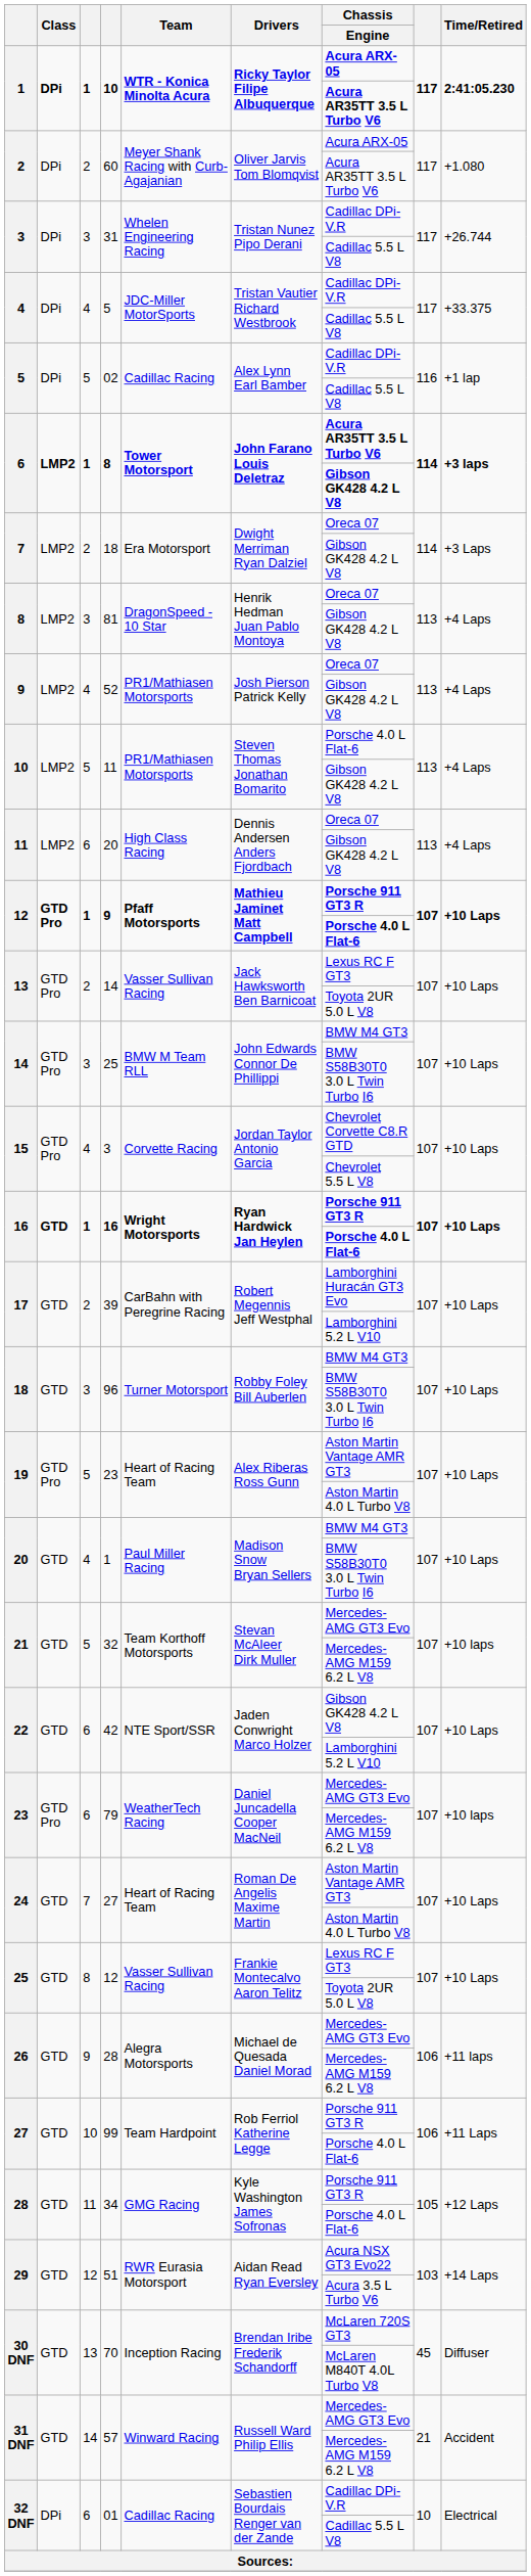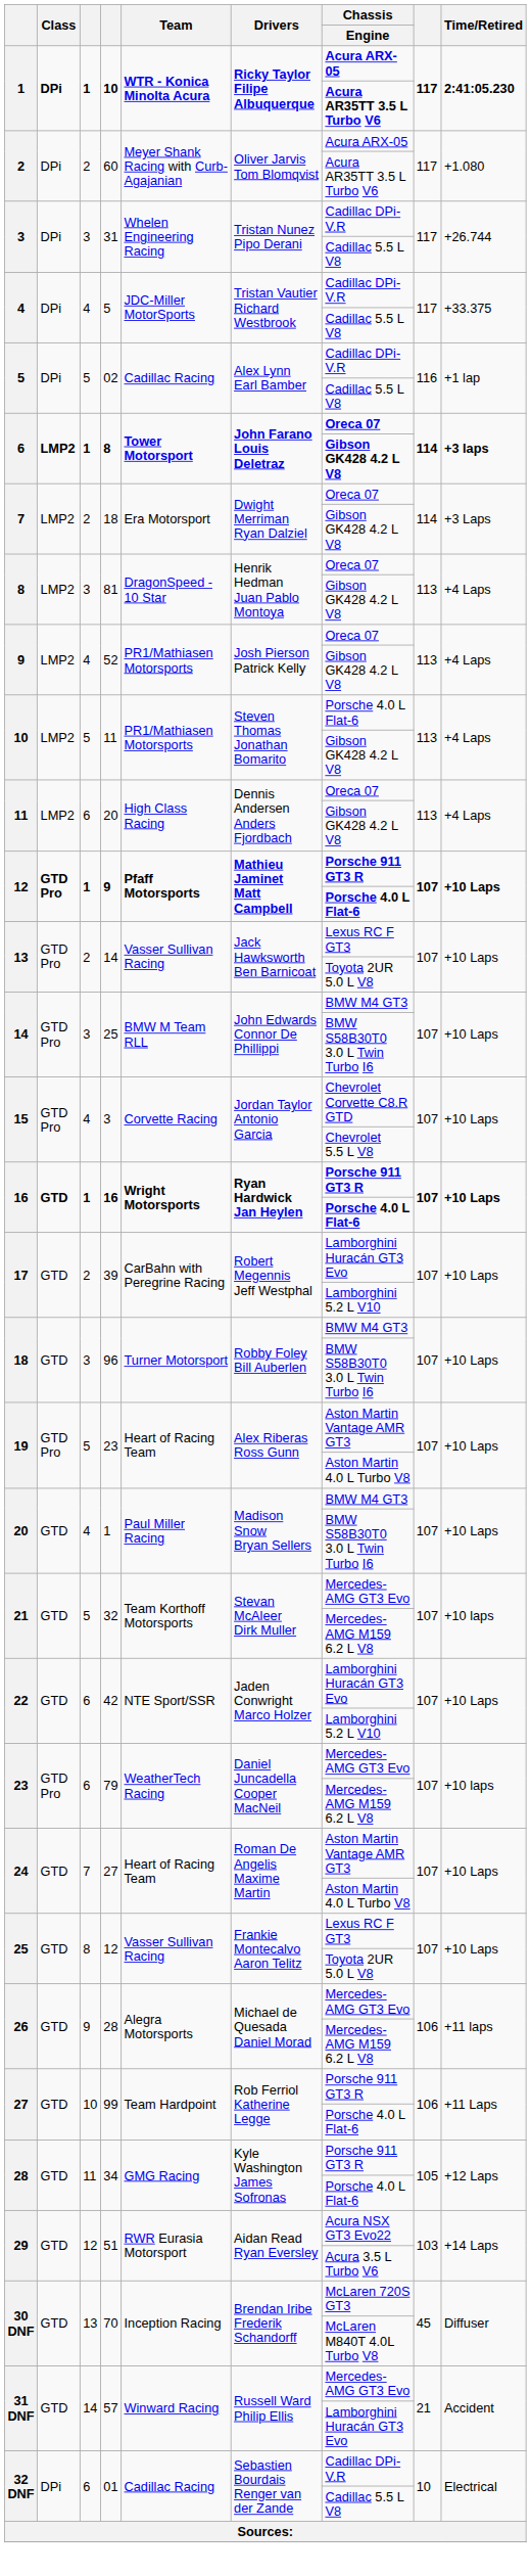 <table class="wikitable" style="font-size: 95%;">
 <tr>
 <th rowspan=2></th>
 <th rowspan=2>Class</th>
 <th rowspan=2></th>
 <th rowspan=2></th>
 <th rowspan=2>Team</th>
 <th rowspan=2>Drivers</th>
 <th>Chassis</th>
 <th rowspan=2></th>
 <th rowspan=2>Time/Retired</th>
 </tr>
 <tr>
 <th>Engine</th>
 </tr>
 <tr style="font-weight:bold">
 <th rowspan=2>1</th>
 <td rowspan=2>DPi</td>
 <td rowspan=2>1</td>
 <td rowspan=2>10</td>
 <td rowspan=2> <a href='#'>WTR - Konica Minolta Acura</a></td>
 <td rowspan=2> <a href='#'>Ricky Taylor</a><br> <a href='#'>Filipe Albuquerque</a></td>
 <td><a href='#'>Acura ARX-05</a></td>
 <td rowspan=2>117</td>
 <td rowspan=2>2:41:05.230 </td>
 </tr>
 <tr style="font-weight:bold">
 <td><a href='#'>Acura</a> AR35TT 3.5 L <a href='#'>Turbo</a> <a href='#'>V6</a></td>
 </tr>
 <tr>
 <th rowspan=2>2</th>
 <td rowspan=2>DPi</td>
 <td rowspan=2>2</td>
 <td rowspan=2>60</td>
 <td rowspan=2> <a href='#'>Meyer Shank Racing</a> with <a href='#'>Curb-Agajanian</a></td>
 <td rowspan=2> <a href='#'>Oliver Jarvis</a><br> <a href='#'>Tom Blomqvist</a></td>
 <td><a href='#'>Acura ARX-05</a></td>
 <td rowspan=2>117</td>
 <td rowspan=2>+1.080</td>
 </tr>
 <tr>
 <td><a href='#'>Acura</a> AR35TT 3.5 L <a href='#'>Turbo</a> <a href='#'>V6</a></td>
 </tr>
 <tr>
 <th rowspan=2>3</th>
 <td rowspan=2>DPi</td>
 <td rowspan=2>3</td>
 <td rowspan=2>31</td>
 <td rowspan=2> <a href='#'>Whelen Engineering Racing</a></td>
 <td rowspan=2> <a href='#'>Tristan Nunez</a><br> <a href='#'>Pipo Derani</a></td>
 <td><a href='#'>Cadillac DPi-V.R</a></td>
 <td rowspan=2>117</td>
 <td rowspan=2>+26.744</td>
 </tr>
 <tr>
 <td><a href='#'>Cadillac</a> 5.5 L <a href='#'>V8</a></td>
 </tr>
 <tr>
 <th rowspan=2>4</th>
 <td rowspan=2>DPi</td>
 <td rowspan=2>4</td>
 <td rowspan=2>5</td>
 <td rowspan=2> <a href='#'>JDC-Miller MotorSports</a></td>
 <td rowspan=2> <a href='#'>Tristan Vautier</a><br> <a href='#'>Richard Westbrook</a></td>
 <td><a href='#'>Cadillac DPi-V.R</a></td>
 <td rowspan=2>117</td>
 <td rowspan=2>+33.375</td>
 </tr>
 <tr>
 <td><a href='#'>Cadillac</a> 5.5 L <a href='#'>V8</a></td>
 </tr>
 <tr>
 <th rowspan=2>5</th>
 <td rowspan=2>DPi</td>
 <td rowspan=2>5</td>
 <td rowspan=2>02</td>
 <td rowspan=2> <a href='#'>Cadillac Racing</a></td>
 <td rowspan=2> <a href='#'>Alex Lynn</a><br> <a href='#'>Earl Bamber</a></td>
 <td><a href='#'>Cadillac DPi-V.R</a></td>
 <td rowspan=2>116</td>
 <td rowspan=2>+1 lap</td>
 </tr>
 <tr>
 <td><a href='#'>Cadillac</a> 5.5 L <a href='#'>V8</a></td>
 </tr>
 <tr style="font-weight:bold">
 <th rowspan=2>6</th>
 <td rowspan=2>LMP2</td>
 <td rowspan=2>1</td>
 <td rowspan=2>8</td>
 <td rowspan=2> <a href='#'>Tower Motorsport</a></td>
 <td rowspan=2> <a href='#'>John Farano</a><br> <a href='#'>Louis Deletraz</a></td>
-<td><a href='#'>Acura</a> AR35TT 3.5 L <a href='#'>Turbo</a> <a href='#'>V6</a></td>
+<td><a href='#'>Oreca 07</a></td>
 <td rowspan=2>114</td>
 <td rowspan=2>+3 laps</td>
 </tr>
 <tr style="font-weight:bold">
 <td><a href='#'>Gibson</a> GK428 4.2 L <a href='#'>V8</a></td>
 </tr>
 <tr>
 <th rowspan=2>7</th>
 <td rowspan=2>LMP2</td>
 <td rowspan=2>2</td>
 <td rowspan=2>18</td>
 <td rowspan=2> Era Motorsport</td>
 <td rowspan=2> <a href='#'>Dwight Merriman</a><br> <a href='#'>Ryan Dalziel</a></td>
 <td><a href='#'>Oreca 07</a></td>
 <td rowspan=2>114</td>
 <td rowspan=2>+3 Laps</td>
 </tr>
 <tr>
 <td><a href='#'>Gibson</a> GK428 4.2 L <a href='#'>V8</a></td>
 </tr>
 <tr>
 <th rowspan=2>8</th>
 <td rowspan=2>LMP2</td>
 <td rowspan=2>3</td>
 <td rowspan=2>81</td>
 <td rowspan=2> <a href='#'>DragonSpeed - 10 Star</a></td>
 <td rowspan=2> Henrik Hedman<br>  <a href='#'>Juan Pablo Montoya</a></td>
 <td><a href='#'>Oreca 07</a></td>
 <td rowspan=2>113</td>
 <td rowspan=2>+4 Laps</td>
 </tr>
 <tr>
 <td><a href='#'>Gibson</a> GK428 4.2 L <a href='#'>V8</a></td>
 </tr>
 <tr>
 <th rowspan=2>9</th>
 <td rowspan=2>LMP2</td>
 <td rowspan=2>4</td>
 <td rowspan=2>52</td>
 <td rowspan=2> <a href='#'>PR1/Mathiasen Motorsports</a></td>
 <td rowspan=2> <a href='#'>Josh Pierson</a><br> Patrick Kelly</td>
 <td><a href='#'>Oreca 07</a></td>
 <td rowspan=2>113</td>
 <td rowspan=2>+4 Laps</td>
 </tr>
 <tr>
 <td><a href='#'>Gibson</a> GK428 4.2 L <a href='#'>V8</a></td>
 </tr>
 <tr>
 <th rowspan=2>10</th>
 <td rowspan=2>LMP2</td>
 <td rowspan=2>5</td>
 <td rowspan=2>11</td>
 <td rowspan=2> <a href='#'>PR1/Mathiasen Motorsports</a></td>
 <td rowspan=2> <a href='#'>Steven Thomas</a><br> <a href='#'>Jonathan Bomarito</a></td>
 <td><a href='#'>Porsche</a> 4.0 L <a href='#'>Flat-6</a></td>
 <td rowspan=2>113</td>
 <td rowspan=2>+4 Laps</td>
 </tr>
 <tr>
 <td><a href='#'>Gibson</a> GK428 4.2 L <a href='#'>V8</a></td>
 </tr>
 <tr>
 <th rowspan=2>11</th>
 <td rowspan=2>LMP2</td>
 <td rowspan=2>6</td>
 <td rowspan=2>20</td>
 <td rowspan=2> <a href='#'>High Class Racing</a></td>
 <td rowspan=2> Dennis Andersen<br> <a href='#'>Anders Fjordbach</a></td>
 <td><a href='#'>Oreca 07</a></td>
 <td rowspan=2>113</td>
 <td rowspan=2>+4 Laps</td>
 </tr>
 <tr>
 <td><a href='#'>Gibson</a> GK428 4.2 L <a href='#'>V8</a></td>
 </tr>
 <tr style="font-weight:bold">
 <th rowspan=2>12</th>
 <td rowspan=2>GTD Pro</td>
 <td rowspan=2>1</td>
 <td rowspan=2>9</td>
 <td rowspan=2> Pfaff Motorsports</td>
 <td rowspan=2> <a href='#'>Mathieu Jaminet</a><br> <a href='#'>Matt Campbell</a></td>
 <td><a href='#'>Porsche 911 GT3 R</a></td>
 <td rowspan=2>107</td>
 <td rowspan=2>+10 Laps</td>
 </tr>
 <tr style="font-weight:bold">
 <td><a href='#'>Porsche</a> 4.0 L <a href='#'>Flat-6</a></td>
 </tr>
 <tr>
 <th rowspan=2>13</th>
 <td rowspan=2>GTD Pro</td>
 <td rowspan=2>2</td>
 <td rowspan=2>14</td>
 <td rowspan=2> <a href='#'>Vasser Sullivan Racing</a></td>
 <td rowspan=2> <a href='#'>Jack Hawksworth</a><br> <a href='#'>Ben Barnicoat</a></td>
 <td><a href='#'>Lexus RC F GT3</a></td>
 <td rowspan=2>107</td>
 <td rowspan=2>+10 Laps</td>
 </tr>
 <tr>
 <td><a href='#'>Toyota</a> 2UR 5.0 L <a href='#'>V8</a></td>
 </tr>
 <tr>
 <th rowspan=2>14</th>
 <td rowspan=2>GTD Pro</td>
 <td rowspan=2>3</td>
 <td rowspan=2>25</td>
 <td rowspan=2> <a href='#'>BMW M Team RLL</a></td>
 <td rowspan=2> <a href='#'>John Edwards</a><br> <a href='#'>Connor De Phillippi</a></td>
 <td><a href='#'>BMW M4 GT3</a></td>
 <td rowspan=2>107</td>
 <td rowspan=2>+10 Laps</td>
 </tr>
 <tr>
 <td><a href='#'>BMW</a> <a href='#'>S58B30T0</a> 3.0 L <a href='#'>Twin Turbo</a> <a href='#'>I6</a></td>
 </tr>
 <tr>
 <th rowspan=2>15</th>
 <td rowspan=2>GTD Pro</td>
 <td rowspan=2>4</td>
 <td rowspan=2>3</td>
 <td rowspan=2> <a href='#'>Corvette Racing</a></td>
 <td rowspan=2> <a href='#'>Jordan Taylor</a><br> <a href='#'>Antonio Garcia</a></td>
 <td><a href='#'>Chevrolet Corvette C8.R GTD</a></td>
 <td rowspan=2>107</td>
 <td rowspan=2>+10 Laps</td>
 </tr>
 <tr>
 <td><a href='#'>Chevrolet</a> 5.5 L <a href='#'>V8</a></td>
 </tr>
 <tr style="font-weight:bold">
 <th rowspan=2>16</th>
 <td rowspan=2>GTD</td>
 <td rowspan=2>1</td>
 <td rowspan=2>16</td>
 <td rowspan=2> Wright Motorsports</td>
 <td rowspan=2> Ryan Hardwick<br> <a href='#'>Jan Heylen</a></td>
 <td><a href='#'>Porsche 911 GT3 R</a></td>
 <td rowspan=2>107</td>
 <td rowspan=2>+10 Laps</td>
 </tr>
 <tr style="font-weight:bold">
 <td><a href='#'>Porsche</a> 4.0 L <a href='#'>Flat-6</a></td>
 </tr>
 <tr>
 <th rowspan=2>17</th>
 <td rowspan=2>GTD</td>
 <td rowspan=2>2</td>
 <td rowspan=2>39</td>
 <td rowspan=2> CarBahn with Peregrine Racing</td>
 <td rowspan=2> <a href='#'>Robert Megennis</a><br> Jeff Westphal</td>
 <td><a href='#'>Lamborghini Huracán GT3 Evo</a></td>
 <td rowspan=2>107</td>
 <td rowspan=2>+10 Laps</td>
 </tr>
 <tr>
 <td><a href='#'>Lamborghini</a> 5.2 L <a href='#'>V10</a></td>
 </tr>
 <tr>
 <th rowspan=2>18</th>
 <td rowspan=2>GTD</td>
 <td rowspan=2>3</td>
 <td rowspan=2>96</td>
 <td rowspan=2> <a href='#'>Turner Motorsport</a></td>
 <td rowspan=2> <a href='#'>Robby Foley</a><br> <a href='#'>Bill Auberlen</a></td>
 <td><a href='#'>BMW M4 GT3</a></td>
 <td rowspan=2>107</td>
 <td rowspan=2>+10 Laps</td>
 </tr>
 <tr>
 <td><a href='#'>BMW</a> <a href='#'>S58B30T0</a> 3.0 L <a href='#'>Twin Turbo</a> <a href='#'>I6</a></td>
 </tr>
 <tr>
 <th rowspan=2>19</th>
 <td rowspan=2>GTD Pro</td>
 <td rowspan=2>5</td>
 <td rowspan=2>23</td>
 <td rowspan=2> Heart of Racing Team</td>
 <td rowspan=2> <a href='#'>Alex Riberas</a><br> <a href='#'>Ross Gunn</a></td>
 <td><a href='#'>Aston Martin Vantage AMR GT3</a></td>
 <td rowspan=2>107</td>
 <td rowspan=2>+10 Laps</td>
 </tr>
 <tr>
 <td><a href='#'>Aston Martin</a> 4.0 L Turbo <a href='#'>V8</a></td>
 </tr>
 <tr>
 <th rowspan=2>20</th>
 <td rowspan=2>GTD</td>
 <td rowspan=2>4</td>
 <td rowspan=2>1</td>
 <td rowspan=2> <a href='#'>Paul Miller Racing</a></td>
 <td rowspan=2> <a href='#'>Madison Snow</a><br> <a href='#'>Bryan Sellers</a></td>
 <td><a href='#'>BMW M4 GT3</a></td>
 <td rowspan=2>107</td>
 <td rowspan=2>+10 Laps</td>
 </tr>
 <tr>
 <td><a href='#'>BMW</a> <a href='#'>S58B30T0</a> 3.0 L <a href='#'>Twin Turbo</a> <a href='#'>I6</a></td>
 </tr>
 <tr>
 <th rowspan=2>21</th>
 <td rowspan=2>GTD</td>
 <td rowspan=2>5</td>
 <td rowspan=2>32</td>
 <td rowspan=2> Team Korthoff Motorsports</td>
 <td rowspan=2> <a href='#'>Stevan McAleer</a><br> <a href='#'>Dirk Muller</a></td>
 <td><a href='#'>Mercedes-AMG GT3 Evo</a></td>
 <td rowspan=2>107</td>
 <td rowspan=2>+10 laps</td>
 </tr>
 <tr>
 <td><a href='#'>Mercedes-AMG M159</a> 6.2 L <a href='#'>V8</a></td>
 </tr>
 <tr>
 <th rowspan=2>22</th>
 <td rowspan=2>GTD</td>
 <td rowspan=2>6</td>
 <td rowspan=2>42</td>
 <td rowspan=2> NTE Sport/SSR</td>
 <td rowspan=2> Jaden Conwright<br> <a href='#'>Marco Holzer</a></td>
-<td><a href='#'>Gibson</a> GK428 4.2 L <a href='#'>V8</a></td>
+<td><a href='#'>Lamborghini Huracán GT3 Evo</a></td>
 <td rowspan=2>107</td>
 <td rowspan=2>+10 Laps</td>
 </tr>
 <tr>
 <td><a href='#'>Lamborghini</a> 5.2 L <a href='#'>V10</a></td>
 </tr>
 <tr>
 <th rowspan=2>23</th>
 <td rowspan=2>GTD Pro</td>
 <td rowspan=2>6</td>
 <td rowspan=2>79</td>
 <td rowspan=2> <a href='#'>WeatherTech Racing</a></td>
 <td rowspan=2> <a href='#'>Daniel Juncadella</a><br> <a href='#'>Cooper MacNeil</a></td>
 <td><a href='#'>Mercedes-AMG GT3 Evo</a></td>
 <td rowspan=2>107</td>
 <td rowspan=2>+10 laps</td>
 </tr>
 <tr>
 <td><a href='#'>Mercedes-AMG M159</a> 6.2 L <a href='#'>V8</a></td>
 </tr>
 <tr>
 <th rowspan=2>24</th>
 <td rowspan=2>GTD</td>
 <td rowspan=2>7</td>
 <td rowspan=2>27</td>
 <td rowspan=2> Heart of Racing Team</td>
 <td rowspan=2> <a href='#'>Roman De Angelis</a><br> <a href='#'>Maxime Martin</a></td>
 <td><a href='#'>Aston Martin Vantage AMR GT3</a></td>
 <td rowspan=2>107</td>
 <td rowspan=2>+10 Laps</td>
 </tr>
 <tr>
 <td><a href='#'>Aston Martin</a> 4.0 L Turbo <a href='#'>V8</a></td>
 </tr>
 <tr>
 <th rowspan=2>25</th>
 <td rowspan=2>GTD</td>
 <td rowspan=2>8</td>
 <td rowspan=2>12</td>
 <td rowspan=2> <a href='#'>Vasser Sullivan Racing</a></td>
 <td rowspan=2> <a href='#'>Frankie Montecalvo</a><br> <a href='#'>Aaron Telitz</a></td>
 <td><a href='#'>Lexus RC F GT3</a></td>
 <td rowspan=2>107</td>
 <td rowspan=2>+10 Laps</td>
 </tr>
 <tr>
 <td><a href='#'>Toyota</a> 2UR 5.0 L <a href='#'>V8</a></td>
 </tr>
 <tr>
 <th rowspan=2>26</th>
 <td rowspan=2>GTD</td>
 <td rowspan=2>9</td>
 <td rowspan=2>28</td>
 <td rowspan=2> Alegra Motorsports</td>
 <td rowspan=2> Michael de Quesada<br> <a href='#'>Daniel Morad</a></td>
 <td><a href='#'>Mercedes-AMG GT3 Evo</a></td>
 <td rowspan=2>106</td>
 <td rowspan=2>+11 laps</td>
 </tr>
 <tr>
 <td><a href='#'>Mercedes-AMG M159</a> 6.2 L <a href='#'>V8</a></td>
 </tr>
 <tr>
 <th rowspan=2>27</th>
 <td rowspan=2>GTD</td>
 <td rowspan=2>10</td>
 <td rowspan=2>99</td>
 <td rowspan=2> Team Hardpoint</td>
 <td rowspan=2> Rob Ferriol<br> <a href='#'>Katherine Legge</a></td>
 <td><a href='#'>Porsche 911 GT3 R</a></td>
 <td rowspan=2>106</td>
 <td rowspan=2>+11 Laps</td>
 </tr>
 <tr>
 <td><a href='#'>Porsche</a> 4.0 L <a href='#'>Flat-6</a></td>
 </tr>
 <tr>
 <th rowspan=2>28</th>
 <td rowspan=2>GTD</td>
 <td rowspan=2>11</td>
 <td rowspan=2>34</td>
 <td rowspan=2> <a href='#'>GMG Racing</a></td>
 <td rowspan=2> Kyle Washington<br> <a href='#'>James Sofronas</a></td>
 <td><a href='#'>Porsche 911 GT3 R</a></td>
 <td rowspan=2>105</td>
 <td rowspan=2>+12 Laps</td>
 </tr>
 <tr>
 <td><a href='#'>Porsche</a> 4.0 L <a href='#'>Flat-6</a></td>
 </tr>
 <tr>
 <th rowspan=2>29</th>
 <td rowspan=2>GTD</td>
 <td rowspan=2>12</td>
 <td rowspan=2>51</td>
 <td rowspan=2> <a href='#'>RWR</a> Eurasia Motorsport</td>
 <td rowspan=2> Aidan Read<br> <a href='#'>Ryan Eversley</a></td>
 <td><a href='#'>Acura NSX GT3 Evo22</a></td>
 <td rowspan=2>103</td>
 <td rowspan=2>+14 Laps</td>
 </tr>
 <tr>
 <td><a href='#'>Acura</a> 3.5 L <a href='#'>Turbo</a> <a href='#'>V6</a></td>
 </tr>
 <tr>
 <th rowspan=2>30<br>DNF</th>
 <td rowspan=2>GTD</td>
 <td rowspan=2>13</td>
 <td rowspan=2>70</td>
 <td rowspan=2> Inception Racing</td>
 <td rowspan=2> <a href='#'>Brendan Iribe</a><br> <a href='#'>Frederik Schandorff</a></td>
 <td><a href='#'>McLaren 720S GT3</a></td>
 <td rowspan=2>45</td>
 <td rowspan=2>Diffuser</td>
 </tr>
 <tr>
 <td><a href='#'>McLaren</a> M840T 4.0L <a href='#'>Turbo</a> <a href='#'>V8</a></td>
 </tr>
 <tr>
 <th rowspan=2>31<br>DNF</th>
 <td rowspan=2>GTD</td>
 <td rowspan=2>14</td>
 <td rowspan=2>57</td>
 <td rowspan=2> <a href='#'>Winward Racing</a></td>
 <td rowspan=2> <a href='#'>Russell Ward</a><br> <a href='#'>Philip Ellis</a></td>
 <td><a href='#'>Mercedes-AMG GT3 Evo</a></td>
 <td rowspan=2>21</td>
 <td rowspan=2>Accident</td>
 </tr>
 <tr>
-<td><a href='#'>Mercedes-AMG M159</a> 6.2 L <a href='#'>V8</a></td>
+<td><a href='#'>Lamborghini Huracán GT3 Evo</a></td>
 </tr>
 <tr>
 <th rowspan=2>32<br>DNF</th>
 <td rowspan=2>DPi</td>
 <td rowspan=2>6</td>
 <td rowspan=2>01</td>
 <td rowspan=2> <a href='#'>Cadillac Racing</a></td>
 <td rowspan=2> <a href='#'>Sebastien Bourdais</a><br> <a href='#'>Renger van der Zande</a></td>
 <td><a href='#'>Cadillac DPi-V.R</a></td>
 <td rowspan=2>10</td>
 <td rowspan=2>Electrical</td>
 </tr>
 <tr>
 <td><a href='#'>Cadillac</a> 5.5 L <a href='#'>V8</a></td>
 </tr>
 <tr>
 <th colspan=9>Sources:</th>
 </tr>
 <tr>
 </tr>
 </table>
